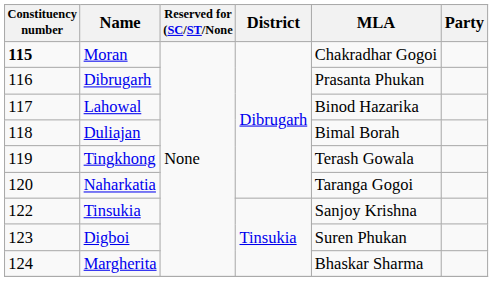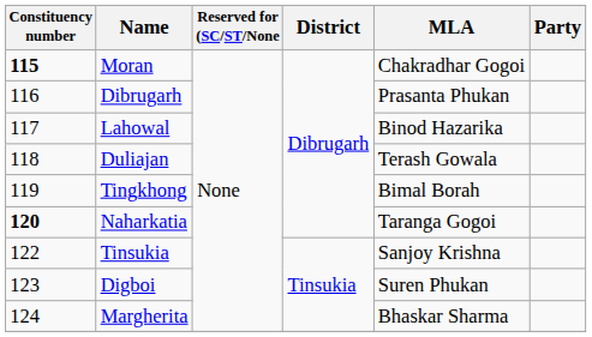 <table class="wikitable sortable">
 <tr>
 <th width="50px" style="font-size:75%">Constituency number</th>
 <th>Name</th>
 <th style="font-size:75%">Reserved for<br>(<a href='#'>SC</a>/<a href='#'>ST</a>/None</th>
 <th>District</th>
 <th>MLA</th>
 <th colspan=2>Party</th>
 </tr>
 <tr>
 <td><strong>115</strong></td>
 <td><a href='#'>Moran</a></td>
 <td rowspan=9>None</td>
 <td rowspan=6><a href='#'>Dibrugarh</a></td>
 <td>Chakradhar Gogoi</td>
 <td></td>
 </tr>
 <tr>
 <td>116</td>
 <td><a href='#'>Dibrugarh</a></td>
 <td>Prasanta Phukan</td>
 <td></td>
 </tr>
 <tr>
 <td>117</td>
 <td><a href='#'>Lahowal</a></td>
 <td>Binod Hazarika</td>
 <td></td>
 </tr>
 <tr>
 <td>118</td>
 <td><a href='#'>Duliajan</a></td>
-<td>Bimal Borah</td>
+<td>Terash Gowala</td>
 <td></td>
 </tr>
 <tr>
 <td>119</td>
 <td><a href='#'>Tingkhong</a></td>
-<td>Terash Gowala</td>
+<td>Bimal Borah</td>
 <td></td>
 </tr>
 <tr>
-<td>120</td>
+<td><strong>120</strong></td>
 <td><a href='#'>Naharkatia</a></td>
 <td>Taranga Gogoi</td>
 <td></td>
 </tr>
 <tr>
 <td>122</td>
 <td><a href='#'>Tinsukia</a></td>
 <td rowspan=3><a href='#'>Tinsukia</a></td>
 <td>Sanjoy Krishna</td>
 <td></td>
 </tr>
 <tr>
 <td>123</td>
 <td><a href='#'>Digboi</a></td>
 <td>Suren Phukan</td>
 <td></td>
 </tr>
 <tr>
 <td>124</td>
 <td><a href='#'>Margherita</a></td>
 <td>Bhaskar Sharma</td>
 <td></td>
 </tr>
 <tr>
 </tr>
 </table>
